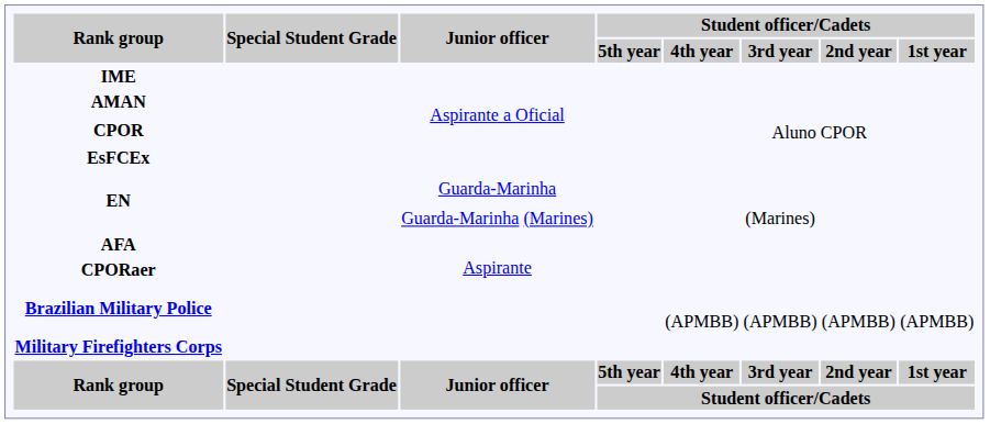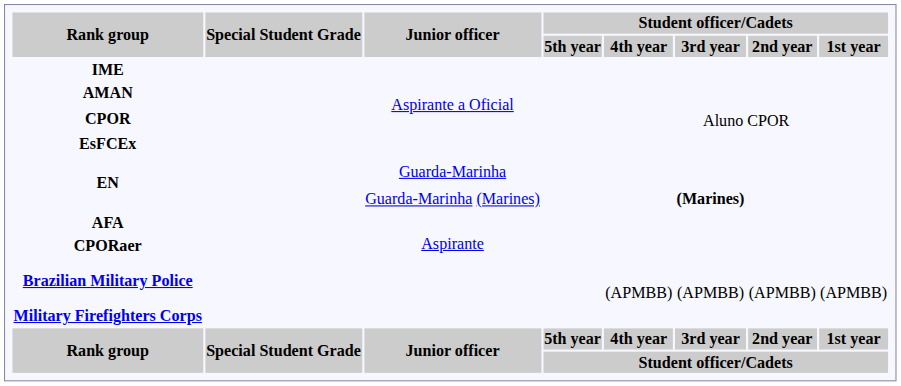 <table style="border:1px solid #8888aa; background-color:#f7f8ff; padding:5px; font-size:95%; margin: 0px 12px 12px 0px; text-align:center; color: inherit;">
 <tr bgcolor="#CCCCCC">
 <th rowspan=2>Rank group</th>
 <th rowspan="2">Special Student Grade</th>
 <th rowspan="2">Junior officer</th>
 <th colspan="6">Student officer/Cadets</th>
 </tr>
 <tr bgcolor="#CCCCCC">
 <th colspan=2>5th year</th>
 <th>4th year</th>
 <th>3rd year</th>
 <th>2nd year</th>
 <th>1st year</th>
 </tr>
 <tr>
 <td rowspan="2"><strong>IME</strong></td>
 <td rowspan="4"></td>
 <td rowspan="6"><br><a href='#'>Aspirante a Oficial</a></td>
 <td></td>
 <td></td>
 <td></td>
 <td></td>
 <td></td>
 <td></td>
 </tr>
 <tr>
 <td></td>
 <td></td>
 <td></td>
 <td></td>
 <td></td>
 <td></td>
 </tr>
 <tr>
 <td rowspan="2"><strong>AMAN</strong></td>
 <td colspan="2" rowspan="2"></td>
 <td></td>
 <td></td>
 <td></td>
 <td></td>
 </tr>
 <tr>
 <td></td>
 <td></td>
 <td></td>
 <td></td>
 </tr>
 <tr>
 <td rowspan="2"><strong>CPOR</strong></td>
 <td rowspan="2"></td>
 <td colspan="2" rowspan="2"></td>
 <td colspan="4"></td>
 </tr>
 <tr>
 <td colspan="4">Aluno CPOR</td>
 </tr>
 <tr>
 <td rowspan="2"><strong>EsFCEx</strong></td>
 <td></td>
 <td rowspan="2"></td>
 <td colspan="6" rowspan="2"></td>
 </tr>
 <tr>
 <td></td>
 </tr>
 <tr>
 <td rowspan="4"><strong>EN</strong></td>
 <td rowspan="12"></td>
 <td></td>
 <td colspan="2" rowspan="4"></td>
 <td></td>
 <td></td>
 <td rowspan="4"><br></td>
 <td rowspan="4"><br></td>
 </tr>
 <tr>
 <td><a href='#'>Guarda-Marinha</a></td>
 <td></td>
 <td></td>
 </tr>
 <tr>
 <td></td>
 <td></td>
 <td></td>
 </tr>
 <tr>
 <td><a href='#'>Guarda-Marinha</a> <a href='#'>(Marines)</a></td>
 <td></td>
-<td> (Marines)</td>
+<td><strong> (Marines)</strong></td>
 </tr>
 <tr>
 <td rowspan="2"><strong>AFA</strong></td>
 <td rowspan="4"><br><a href='#'>Aspirante</a></td>
 <td colspan="2" rowspan="2"></td>
 <td></td>
 <td></td>
 <td></td>
 <td></td>
 </tr>
 <tr>
 <td></td>
 <td></td>
 <td></td>
 <td></td>
 </tr>
 <tr>
 <td rowspan="2"><strong>CPORaer</strong></td>
 <td colspan="4" rowspan="2"></td>
 <td></td>
 <td></td>
 </tr>
 <tr>
 <td></td>
 <td></td>
 </tr>
 <tr>
 <td rowspan="2"><strong> <a href='#'>Brazilian Military Police</a></strong></td>
 <td></td>
 <td colspan="2" rowspan="2"></td>
 <td></td>
 <td></td>
 <td></td>
 <td></td>
 </tr>
 <tr>
 <td></td>
 <td><br>(APMBB)</td>
 <td><br>(APMBB)</td>
 <td><br>(APMBB)</td>
 <td><br>(APMBB)</td>
 </tr>
 <tr>
 <td rowspan="2"> <strong><a href='#'>Military Firefighters Corps</a></strong></td>
 <td></td>
 <td colspan="3" rowspan="2"></td>
 <td></td>
 <td></td>
 <td></td>
 </tr>
 <tr>
 <td></td>
 <td></td>
 <td></td>
 <td></td>
 </tr>
 <tr bgcolor="#CCCCCC">
 <th rowspan="2">Rank group</th>
 <th rowspan="2">Special Student Grade</th>
 <th rowspan="2">Junior officer</th>
 <th colspan="2">5th year</th>
 <th>4th year</th>
 <th>3rd year</th>
 <th>2nd year</th>
 <th>1st year</th>
 </tr>
 <tr bgcolor="#CCCCCC">
 <th colspan="6">Student officer/Cadets</th>
 </tr>
 </table>
